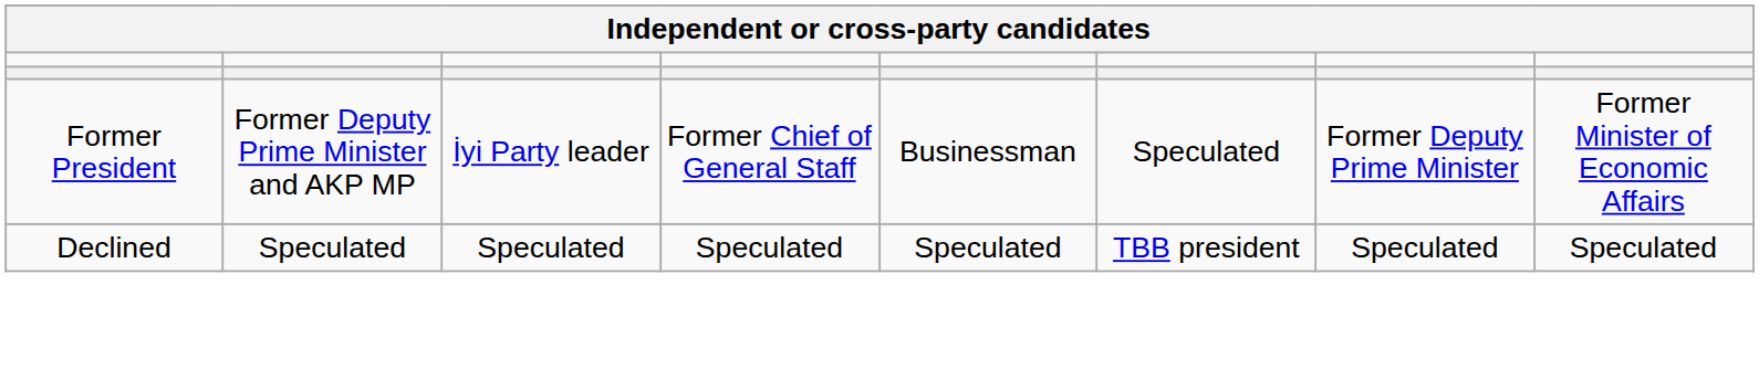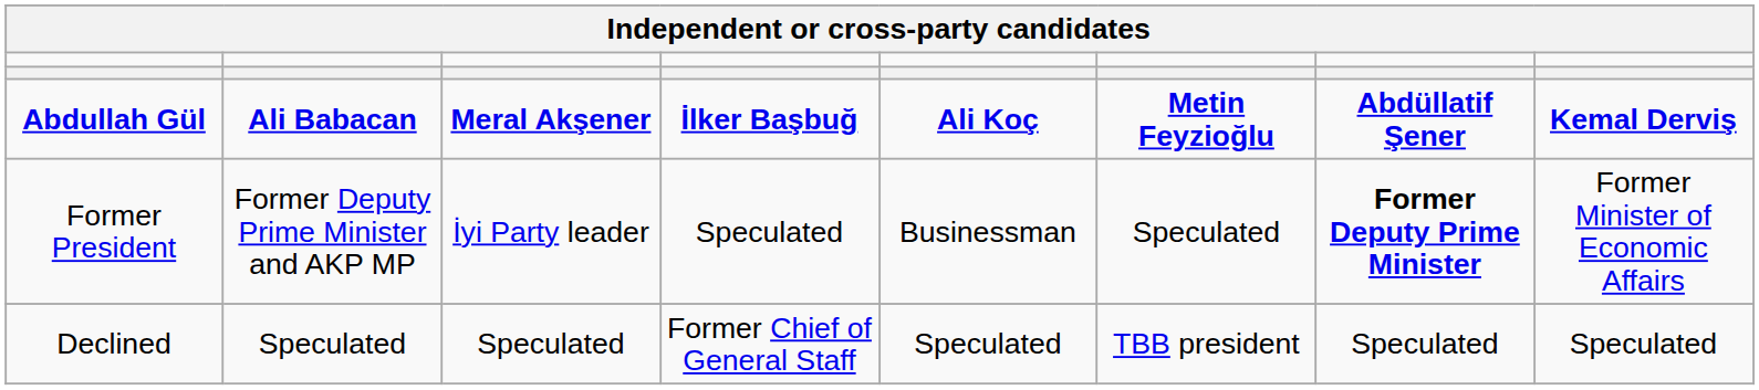 <table class="wikitable" style="margin:1em auto; font-size:90%; text-align:center;">
 <tr>
 <th colspan=8>Independent or cross-party candidates</th>
 </tr>
 <tr>
 <td></td>
 <td></td>
 <td></td>
 <td></td>
 <td></td>
 <td></td>
 <td></td>
 <td></td>
 </tr>
 <tr>
 <th style="width:100px; font-size:100%; background:"></th>
 <th style="width:100px; font-size:100%; background:"></th>
 <th style="width:100px; font-size:100%; background:"></th>
 <th style="width:100px; font-size:100%; background:"></th>
 <th style="width:100px; font-size:100%; background:"></th>
 <th style="width:100px; font-size:100%; background:"></th>
 <th style="width:100px; font-size:100%; background:"></th>
 <th style="width:100px; font-size:100%; background:"></th>
 </tr>
 <tr>
+<td><strong><a href='#'>Abdullah Gül</a></strong></td>
+<td><strong><a href='#'>Ali Babacan</a></strong></td>
+<td><strong><a href='#'>Meral Akşener</a></strong></td>
+<td><strong><a href='#'>İlker Başbuğ</a></strong></td>
+<td><strong><a href='#'>Ali Koç</a></strong></td>
+<td><strong><a href='#'>Metin Feyzioğlu</a></strong></td>
+<td><strong><a href='#'>Abdüllatif Şener</a></strong></td>
+<td><strong><a href='#'>Kemal Derviş</a></strong></td>
+</tr>
+<tr>
 <td>Former <a href='#'>President</a></td>
 <td>Former <a href='#'>Deputy Prime Minister</a> and AKP MP</td>
 <td><a href='#'>İyi Party</a> leader</td>
-<td>Former <a href='#'>Chief of General Staff</a></td>
+<td>Speculated</td>
 <td>Businessman</td>
 <td>Speculated</td>
-<td>Former <a href='#'>Deputy Prime Minister</a></td>
+<td><strong>Former <a href='#'>Deputy Prime Minister</a></strong></td>
 <td>Former <a href='#'>Minister of Economic Affairs</a></td>
 </tr>
 <tr>
 <td>Declined</td>
 <td>Speculated</td>
 <td>Speculated</td>
-<td>Speculated</td>
+<td>Former <a href='#'>Chief of General Staff</a></td>
 <td>Speculated</td>
 <td><a href='#'>TBB</a> president</td>
 <td>Speculated</td>
 <td>Speculated</td>
 </tr>
 </table>
